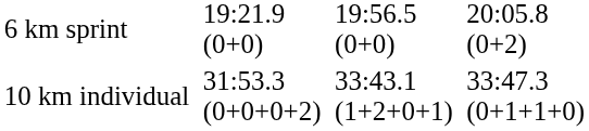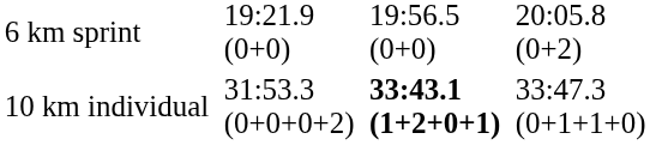 <table>
 <tr>
 <td>6 km sprint</td>
 <td></td>
 <td>19:21.9<br>(0+0)</td>
 <td></td>
 <td>19:56.5<br>(0+0)</td>
 <td></td>
 <td>20:05.8<br>(0+2)</td>
 </tr>
 <tr>
 <td>10 km individual</td>
 <td></td>
 <td>31:53.3<br>(0+0+0+2)</td>
 <td></td>
-<td>33:43.1<br>(1+2+0+1)</td>
+<td><strong>33:43.1<br>(1+2+0+1)</strong></td>
 <td></td>
 <td>33:47.3<br>(0+1+1+0)</td>
 </tr>
 </table>
